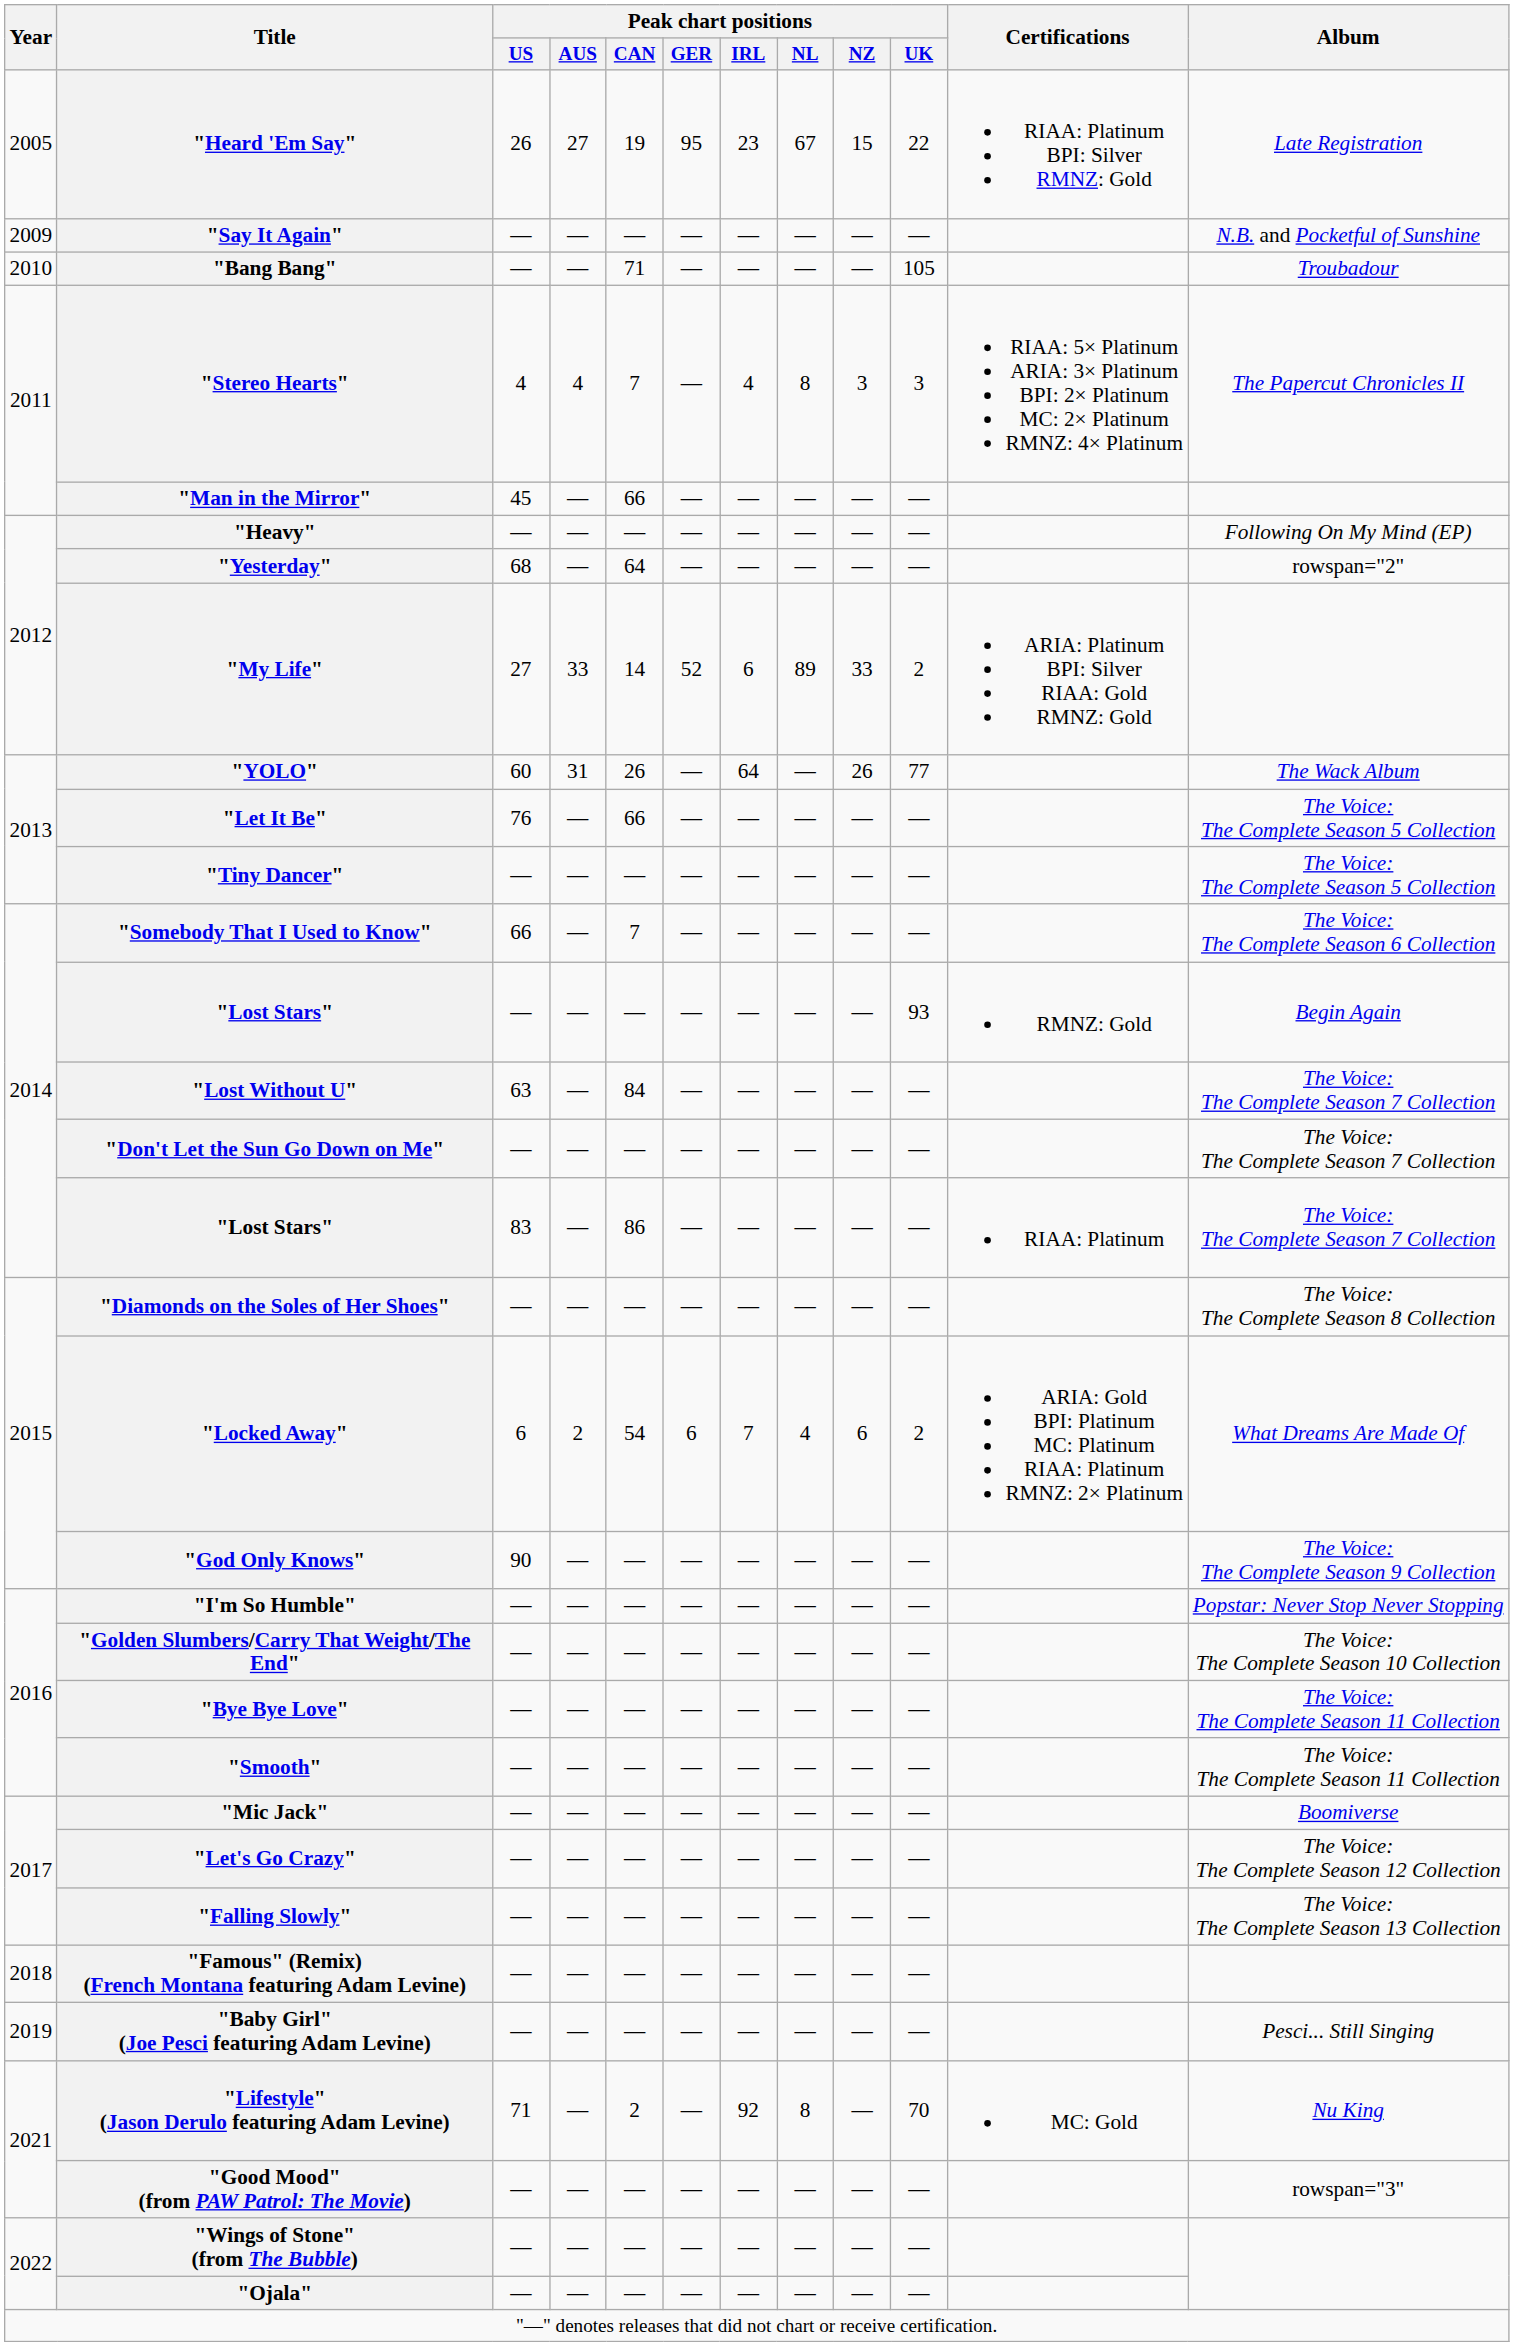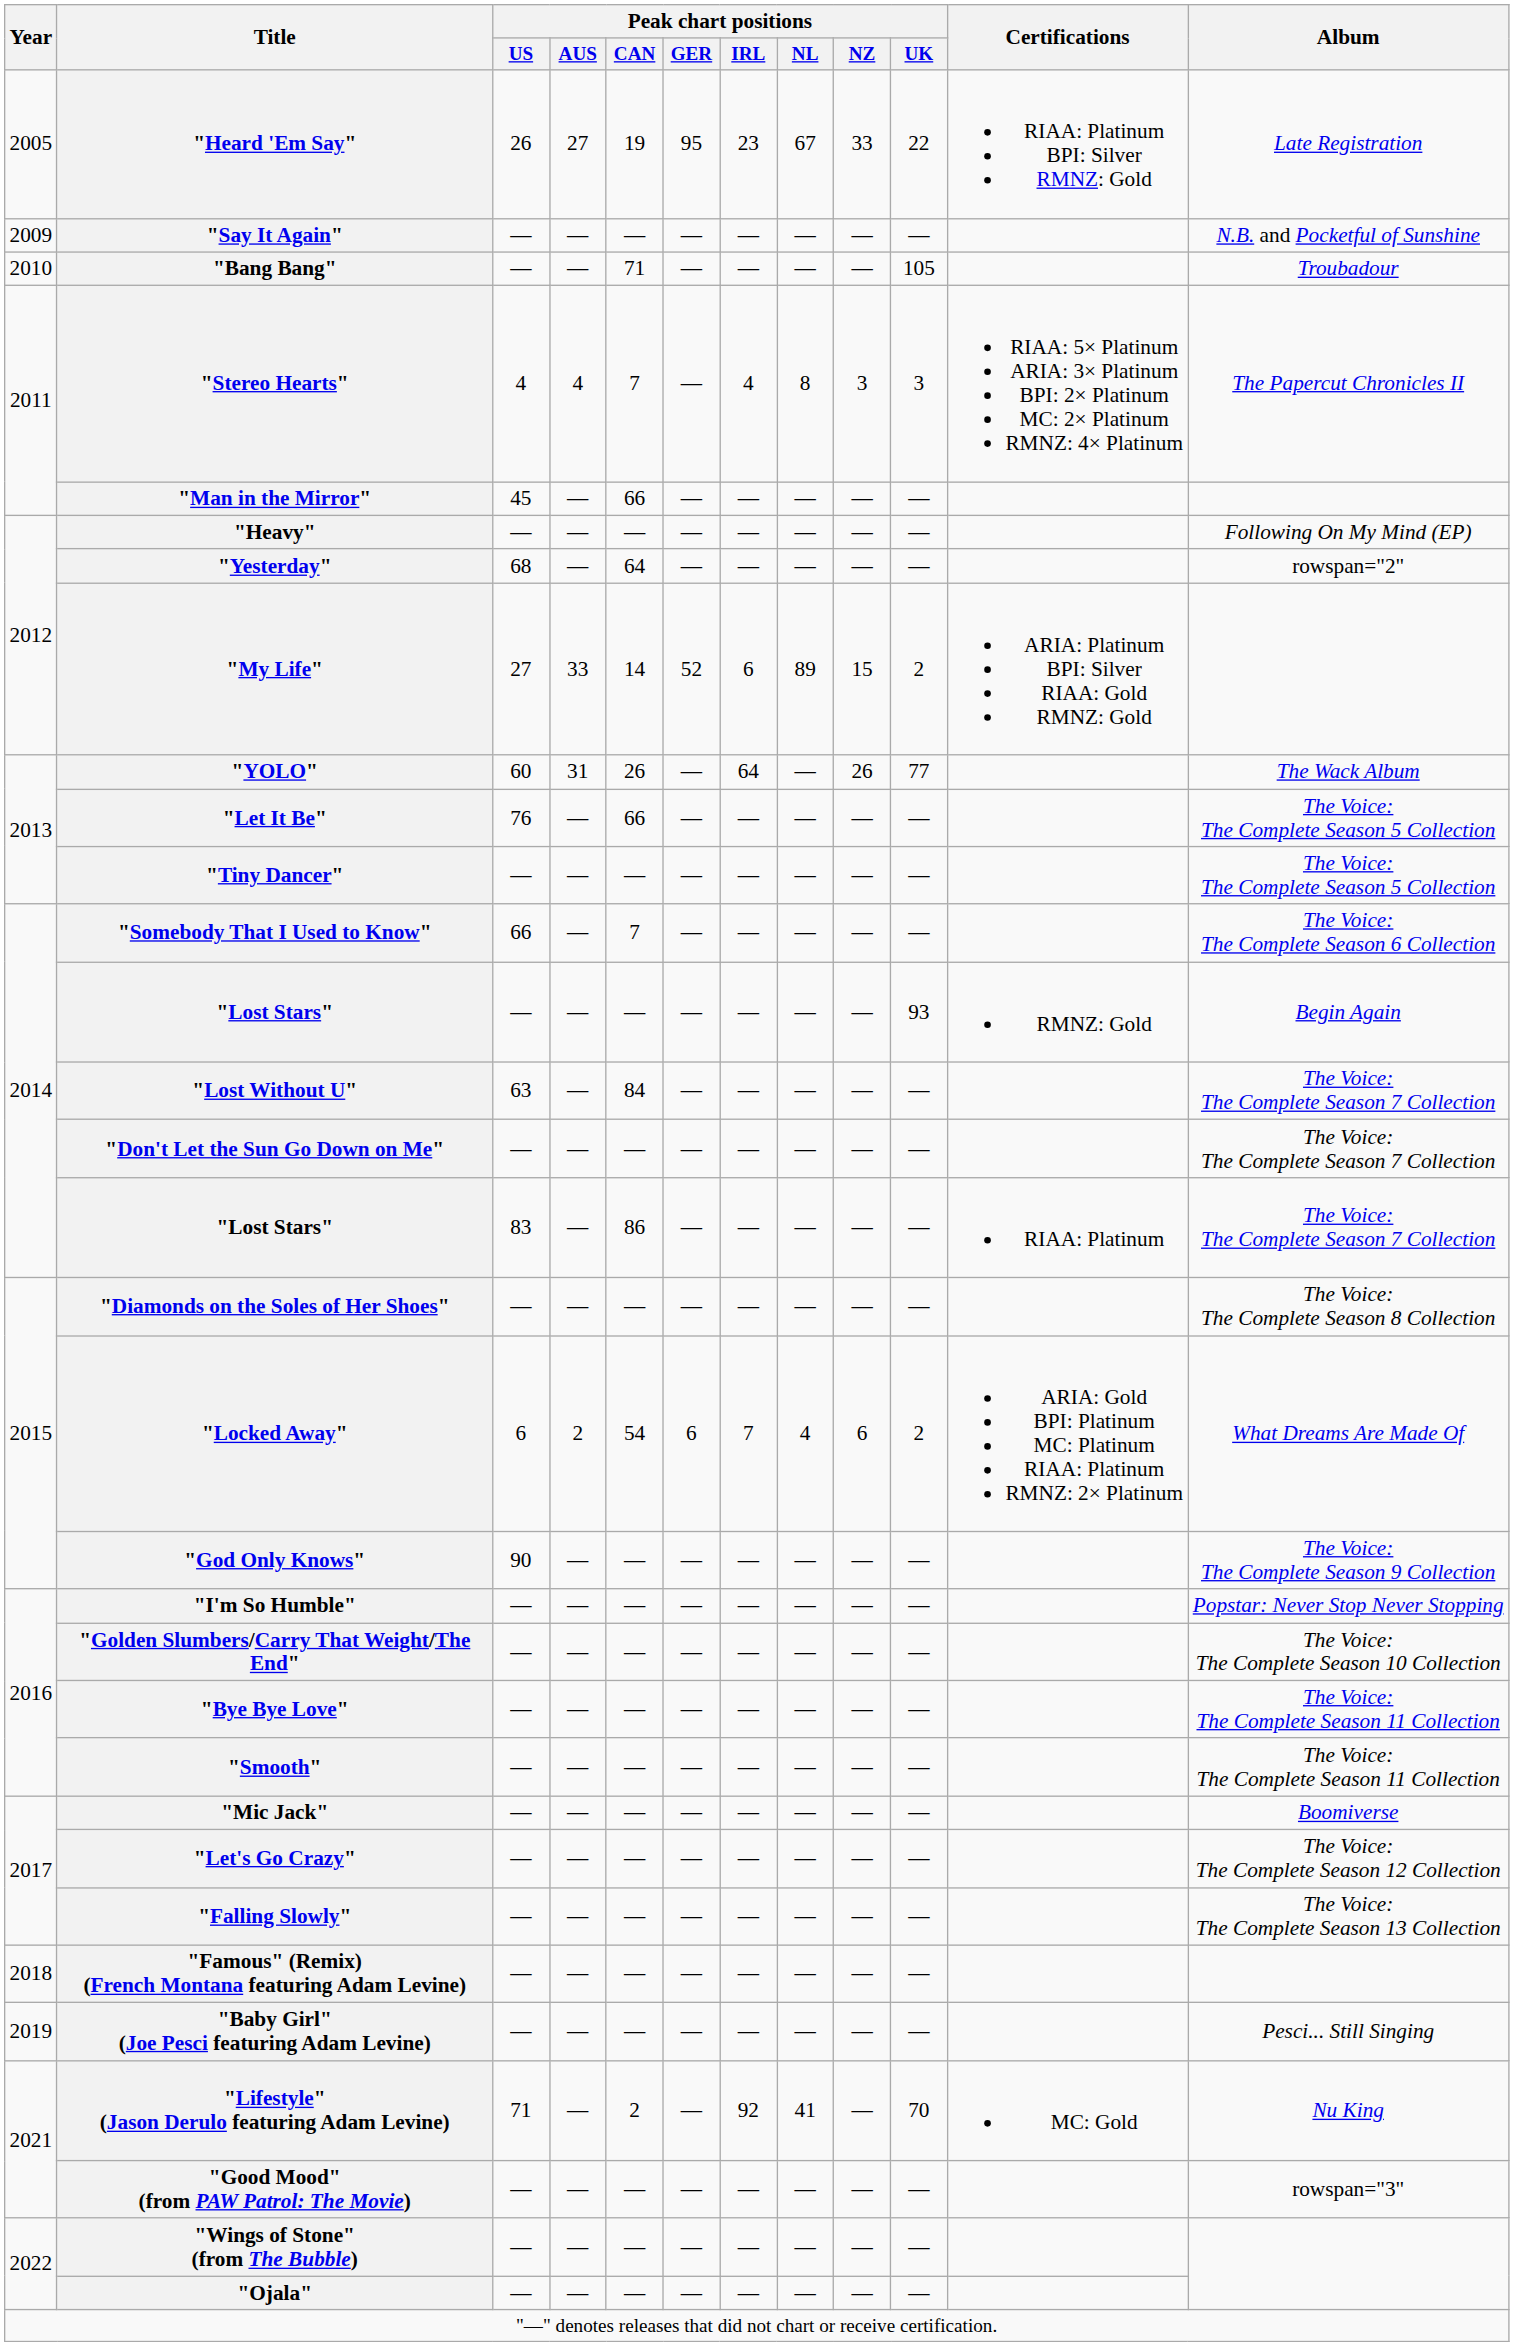 <table class="wikitable plainrowheaders" style="text-align:center;">
 <tr>
 <th rowspan="2">Year</th>
 <th rowspan="2" style="width:20em;">Title</th>
 <th colspan="8">Peak chart positions</th>
 <th rowspan="2">Certifications</th>
 <th rowspan="2">Album</th>
 </tr>
 <tr>
 <th scope="col" style="width:2.5em;font-size:90%;"><a href='#'>US</a><br></th>
 <th scope="col" style="width:2.5em;font-size:90%;"><a href='#'>AUS</a><br></th>
 <th scope="col" style="width:2.5em;font-size:90%;"><a href='#'>CAN</a><br></th>
 <th scope="col" style="width:2.5em;font-size:90%;"><a href='#'>GER</a><br></th>
 <th scope="col" style="width:2.5em;font-size:90%;"><a href='#'>IRL</a><br></th>
 <th scope="col" style="width:2.5em;font-size:90%;"><a href='#'>NL</a><br></th>
 <th scope="col" style="width:2.5em;font-size:90%;"><a href='#'>NZ</a><br></th>
 <th scope="col" style="width:2.5em;font-size:90%;"><a href='#'>UK</a><br></th>
 </tr>
 <tr>
 <td>2005</td>
 <th scope="row">"<a href='#'>Heard 'Em Say</a>" <br> </th>
 <td>26</td>
 <td>27</td>
 <td>19</td>
 <td>95</td>
 <td>23</td>
 <td>67</td>
-<td>15</td>
+<td>33</td>
 <td>22</td>
 <td><br><ul><li>RIAA: Platinum</li><li>BPI: Silver</li><li><a href='#'>RMNZ</a>: Gold</li></ul></td>
 <td><em><a href='#'>Late Registration</a></em></td>
 </tr>
 <tr>
 <td>2009</td>
 <th scope="row">"<a href='#'>Say It Again</a>" <br> </th>
 <td>—</td>
 <td>—</td>
 <td>—</td>
 <td>—</td>
 <td>—</td>
 <td>—</td>
 <td>—</td>
 <td>—</td>
 <td></td>
 <td><em><a href='#'>N.B.</a></em> and <em><a href='#'>Pocketful of Sunshine</a></em></td>
 </tr>
 <tr>
 <td>2010</td>
 <th scope="row">"Bang Bang" <br> </th>
 <td>—</td>
 <td>—</td>
 <td>71</td>
 <td>—</td>
 <td>—</td>
 <td>—</td>
 <td>—</td>
 <td>105</td>
 <td></td>
 <td><em><a href='#'>Troubadour</a></em></td>
 </tr>
 <tr>
 <td rowspan="2">2011</td>
 <th scope="row">"<a href='#'>Stereo Hearts</a>" <br> </th>
 <td>4</td>
 <td>4</td>
 <td>7</td>
 <td>—</td>
 <td>4</td>
 <td>8</td>
 <td>3</td>
 <td>3</td>
 <td><br><ul><li>RIAA: 5× Platinum</li><li>ARIA: 3× Platinum</li><li>BPI: 2× Platinum</li><li>MC: 2× Platinum</li><li>RMNZ: 4× Platinum</li></ul></td>
 <td><em><a href='#'>The Papercut Chronicles II</a></em></td>
 </tr>
 <tr>
 <th scope="row">"<a href='#'>Man in the Mirror</a>" <br> </th>
 <td>45</td>
 <td>—</td>
 <td>66</td>
 <td>—</td>
 <td>—</td>
 <td>—</td>
 <td>—</td>
 <td>—</td>
 <td></td>
 <td></td>
 </tr>
 <tr>
 <td rowspan="3">2012</td>
 <th scope="row">"Heavy"<br> </th>
 <td>—</td>
 <td>—</td>
 <td>—</td>
 <td>—</td>
 <td>—</td>
 <td>—</td>
 <td>—</td>
 <td>—</td>
 <td></td>
 <td><em>Following On My Mind (EP)</em></td>
 </tr>
 <tr>
 <th scope="row">"<a href='#'>Yesterday</a>" <br> </th>
 <td>68</td>
 <td>—</td>
 <td>64</td>
 <td>—</td>
 <td>—</td>
 <td>—</td>
 <td>—</td>
 <td>—</td>
 <td></td>
 <td>rowspan="2" </td>
 </tr>
 <tr>
 <th scope="row">"<a href='#'>My Life</a>" <br> </th>
 <td>27</td>
 <td>33</td>
 <td>14</td>
 <td>52</td>
 <td>6</td>
 <td>89</td>
-<td>33</td>
+<td>15</td>
 <td>2</td>
 <td><br><ul><li>ARIA: Platinum</li><li>BPI: Silver</li><li>RIAA: Gold</li><li>RMNZ: Gold</li></ul></td>
 </tr>
 <tr>
 <td rowspan="3">2013</td>
 <th scope="row">"<a href='#'>YOLO</a>"<br> </th>
 <td>60</td>
 <td>31</td>
 <td>26</td>
 <td>—</td>
 <td>64</td>
 <td>—</td>
 <td>26</td>
 <td>77</td>
 <td></td>
 <td><em><a href='#'>The Wack Album</a></em></td>
 </tr>
 <tr>
 <th scope="row">"<a href='#'>Let It Be</a>" <br> </th>
 <td>76</td>
 <td>—</td>
 <td>66</td>
 <td>—</td>
 <td>—</td>
 <td>—</td>
 <td>—</td>
 <td>—</td>
 <td></td>
 <td><em><a href='#'>The Voice: <br> The Complete Season 5 Collection</a></em></td>
 </tr>
 <tr>
 <th scope="row">"<a href='#'>Tiny Dancer</a>" <br> </th>
 <td>—</td>
 <td>—</td>
 <td>—</td>
 <td>—</td>
 <td>—</td>
 <td>—</td>
 <td>—</td>
 <td>—</td>
 <td></td>
 <td><em><a href='#'>The Voice: <br> The Complete Season 5 Collection</a></em></td>
 </tr>
 <tr>
 <td rowspan="5">2014</td>
 <th scope="row">"<a href='#'>Somebody That I Used to Know</a>" <br> </th>
 <td>66</td>
 <td>—</td>
 <td>7</td>
 <td>—</td>
 <td>—</td>
 <td>—</td>
 <td>—</td>
 <td>—</td>
 <td></td>
 <td><em><a href='#'>The Voice: <br> The Complete Season 6 Collection</a></em></td>
 </tr>
 <tr>
 <th scope="row">"<a href='#'>Lost Stars</a>"</th>
 <td>—</td>
 <td>—</td>
 <td>—</td>
 <td>—</td>
 <td>—</td>
 <td>—</td>
 <td>—</td>
 <td>93</td>
 <td><br><ul><li>RMNZ: Gold</li></ul></td>
 <td><em><a href='#'>Begin Again</a></em></td>
 </tr>
 <tr>
 <th scope="row">"<a href='#'>Lost Without U</a>" <br> </th>
 <td>63</td>
 <td>—</td>
 <td>84</td>
 <td>—</td>
 <td>—</td>
 <td>—</td>
 <td>—</td>
 <td>—</td>
 <td></td>
 <td><em><a href='#'>The Voice: <br> The Complete Season 7 Collection</a></em></td>
 </tr>
 <tr>
 <th scope="row">"<a href='#'>Don't Let the Sun Go Down on Me</a>" <br> </th>
 <td>—</td>
 <td>—</td>
 <td>—</td>
 <td>—</td>
 <td>—</td>
 <td>—</td>
 <td>—</td>
 <td>—</td>
 <td></td>
 <td><em>The Voice: <br> The Complete Season 7 Collection</em></td>
 </tr>
 <tr>
 <th scope="row">"Lost Stars" <br> </th>
 <td>83</td>
 <td>—</td>
 <td>86</td>
 <td>—</td>
 <td>—</td>
 <td>—</td>
 <td>—</td>
 <td>—</td>
 <td><br><ul><li>RIAA: Platinum</li></ul></td>
 <td><em><a href='#'>The Voice: <br> The Complete Season 7 Collection</a></em></td>
 </tr>
 <tr>
 <td rowspan="3">2015</td>
 <th scope="row">"<a href='#'>Diamonds on the Soles of Her Shoes</a>" <br> </th>
 <td>—</td>
 <td>—</td>
 <td>—</td>
 <td>—</td>
 <td>—</td>
 <td>—</td>
 <td>—</td>
 <td>—</td>
 <td></td>
 <td><em>The Voice: <br> The Complete Season 8 Collection</em></td>
 </tr>
 <tr>
 <th scope="row">"<a href='#'>Locked Away</a>"<br></th>
 <td>6</td>
 <td>2</td>
 <td>54</td>
 <td>6</td>
 <td>7</td>
 <td>4</td>
 <td>6</td>
 <td>2</td>
 <td><br><ul><li>ARIA: Gold</li><li>BPI: Platinum</li><li>MC: Platinum</li><li>RIAA: Platinum</li><li>RMNZ: 2× Platinum</li></ul></td>
 <td><em><a href='#'>What Dreams Are Made Of</a></em></td>
 </tr>
 <tr>
 <th scope="row">"<a href='#'>God Only Knows</a>" <br> </th>
 <td>90</td>
 <td>—</td>
 <td>—</td>
 <td>—</td>
 <td>—</td>
 <td>—</td>
 <td>—</td>
 <td>—</td>
 <td></td>
 <td><em><a href='#'>The Voice: <br> The Complete Season 9 Collection</a></em></td>
 </tr>
 <tr>
 <td rowspan="4">2016</td>
 <th scope="row">"I'm So Humble" <br> </th>
 <td>—</td>
 <td>—</td>
 <td>—</td>
 <td>—</td>
 <td>—</td>
 <td>—</td>
 <td>—</td>
 <td>—</td>
 <td></td>
 <td><em><a href='#'>Popstar: Never Stop Never Stopping</a></em></td>
 </tr>
 <tr>
 <th scope="row">"<a href='#'>Golden Slumbers</a>/<a href='#'>Carry That Weight</a>/<a href='#'>The End</a>" <br> </th>
 <td>—</td>
 <td>—</td>
 <td>—</td>
 <td>—</td>
 <td>—</td>
 <td>—</td>
 <td>—</td>
 <td>—</td>
 <td></td>
 <td><em>The Voice: <br> The Complete Season 10 Collection</em></td>
 </tr>
 <tr>
 <th scope="row">"<a href='#'>Bye Bye Love</a>" <br> </th>
 <td>—</td>
 <td>—</td>
 <td>—</td>
 <td>—</td>
 <td>—</td>
 <td>—</td>
 <td>—</td>
 <td>—</td>
 <td></td>
 <td><em><a href='#'>The Voice: <br> The Complete Season 11 Collection</a></em></td>
 </tr>
 <tr>
 <th scope="row">"<a href='#'>Smooth</a>" <br> </th>
 <td>—</td>
 <td>—</td>
 <td>—</td>
 <td>—</td>
 <td>—</td>
 <td>—</td>
 <td>—</td>
 <td>—</td>
 <td></td>
 <td><em>The Voice:  <br> The Complete Season 11 Collection</em></td>
 </tr>
 <tr>
 <td rowspan="3">2017</td>
 <th scope="row">"Mic Jack"<br> </th>
 <td>—</td>
 <td>—</td>
 <td>—</td>
 <td>—</td>
 <td>—</td>
 <td>—</td>
 <td>—</td>
 <td>—</td>
 <td></td>
 <td><em><a href='#'>Boomiverse</a></em></td>
 </tr>
 <tr>
 <th scope="row">"<a href='#'>Let's Go Crazy</a>" <br> </th>
 <td>—</td>
 <td>—</td>
 <td>—</td>
 <td>—</td>
 <td>—</td>
 <td>—</td>
 <td>—</td>
 <td>—</td>
 <td></td>
 <td><em>The Voice: <br> The Complete Season 12 Collection</em></td>
 </tr>
 <tr>
 <th scope="row">"<a href='#'>Falling Slowly</a>" <br> </th>
 <td>—</td>
 <td>—</td>
 <td>—</td>
 <td>—</td>
 <td>—</td>
 <td>—</td>
 <td>—</td>
 <td>—</td>
 <td></td>
 <td><em>The Voice: <br> The Complete Season 13 Collection</em></td>
 </tr>
 <tr>
 <td>2018</td>
 <th scope="row">"Famous" (Remix)<br><span>(<a href='#'>French Montana</a> featuring Adam Levine)</span></th>
 <td>—</td>
 <td>—</td>
 <td>—</td>
 <td>—</td>
 <td>—</td>
 <td>—</td>
 <td>—</td>
 <td>—</td>
 <td></td>
 <td></td>
 </tr>
 <tr>
 <td>2019</td>
 <th scope="row">"Baby Girl"<br><span>(<a href='#'>Joe Pesci</a> featuring Adam Levine)</span></th>
 <td>—</td>
 <td>—</td>
 <td>—</td>
 <td>—</td>
 <td>—</td>
 <td>—</td>
 <td>—</td>
 <td>—</td>
 <td></td>
 <td><em>Pesci... Still Singing</em></td>
 </tr>
 <tr>
 <td rowspan="2">2021</td>
 <th scope="row">"<a href='#'>Lifestyle</a>"<br><span>(<a href='#'>Jason Derulo</a> featuring Adam Levine)</span></th>
 <td>71</td>
 <td>—</td>
 <td>2</td>
 <td>—</td>
 <td>92<br></td>
-<td>8</td>
+<td>41</td>
 <td>—</td>
 <td>70</td>
 <td><br><ul><li>MC: Gold</li></ul></td>
 <td><em><a href='#'>Nu King</a></em></td>
 </tr>
 <tr>
 <th scope="row">"Good Mood" <br><span>(from <em><a href='#'>PAW Patrol: The Movie</a></em>)</span></th>
 <td>—</td>
 <td>—</td>
 <td>—</td>
 <td>—</td>
 <td>—</td>
 <td>—</td>
 <td>—</td>
 <td>—</td>
 <td></td>
 <td>rowspan="3" </td>
 </tr>
 <tr>
 <td rowspan="2">2022</td>
 <th scope="row">"Wings of Stone" <br><span>(from <em><a href='#'>The Bubble</a></em>)</span></th>
 <td>—</td>
 <td>—</td>
 <td>—</td>
 <td>—</td>
 <td>—</td>
 <td>—</td>
 <td>—</td>
 <td>—</td>
 <td></td>
 </tr>
 <tr>
 <th scope="row">"Ojala"<br></th>
 <td>—</td>
 <td>—</td>
 <td>—</td>
 <td>—</td>
 <td>—</td>
 <td>—</td>
 <td>—</td>
 <td>—</td>
 <td></td>
 </tr>
 <tr>
 <td colspan="14" style="font-size:90%">"—" denotes releases that did not chart or receive certification.</td>
 </tr>
 </table>
